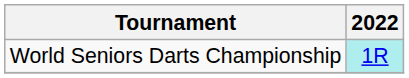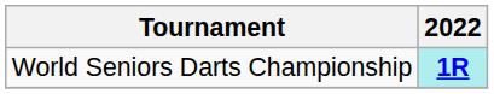 <table class=wikitable style=text-align:center;font-size:88%>
 <tr>
 <th>Tournament</th>
 <th>2022</th>
 </tr>
 <tr>
 <td>World Seniors Darts Championship</td>
-<td style="text-align:center; background:#afeeee;"><a href='#'>1R</a></td>
+<td style="text-align:center; background:#afeeee;"><strong><a href='#'>1R</a></strong></td>
 </tr>
 <tr>
 </tr>
 </table>
